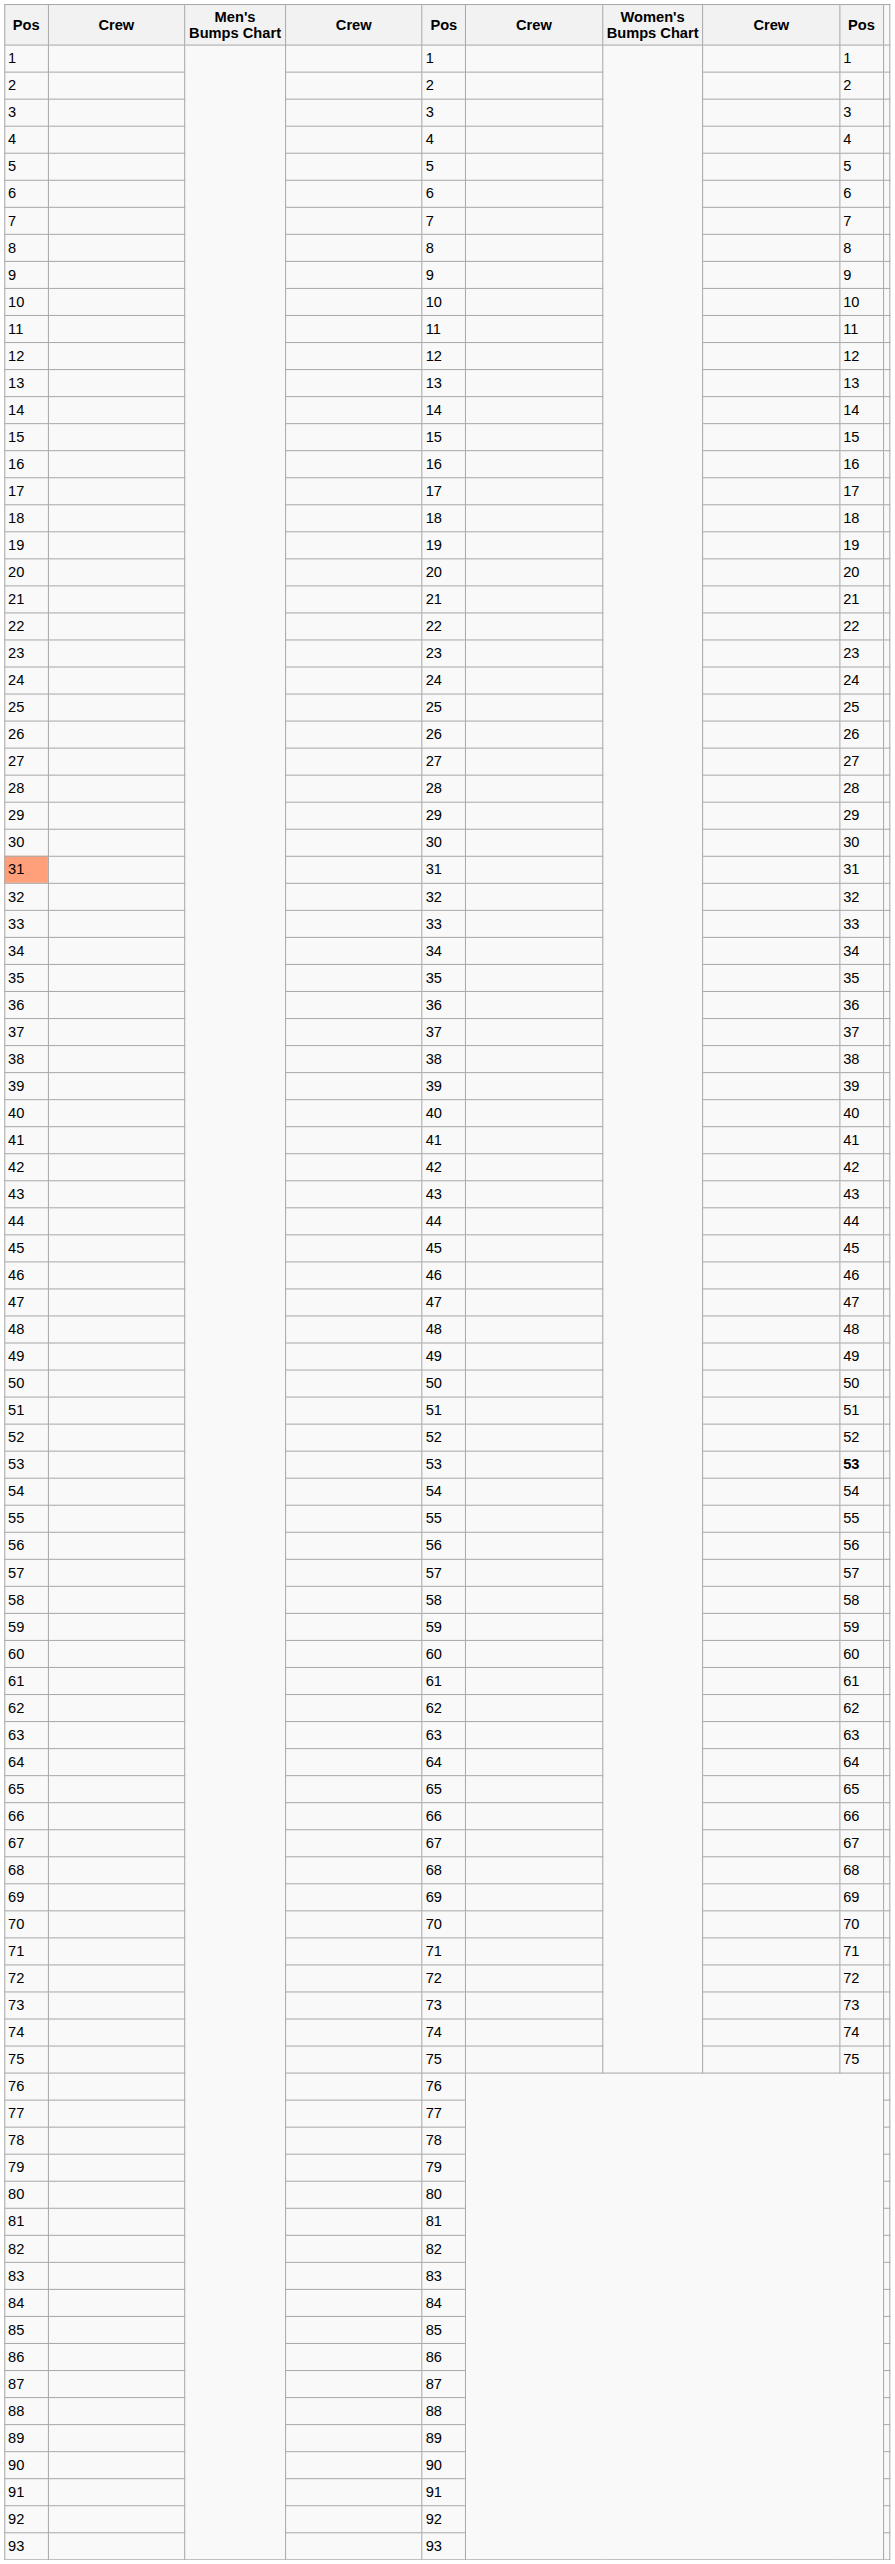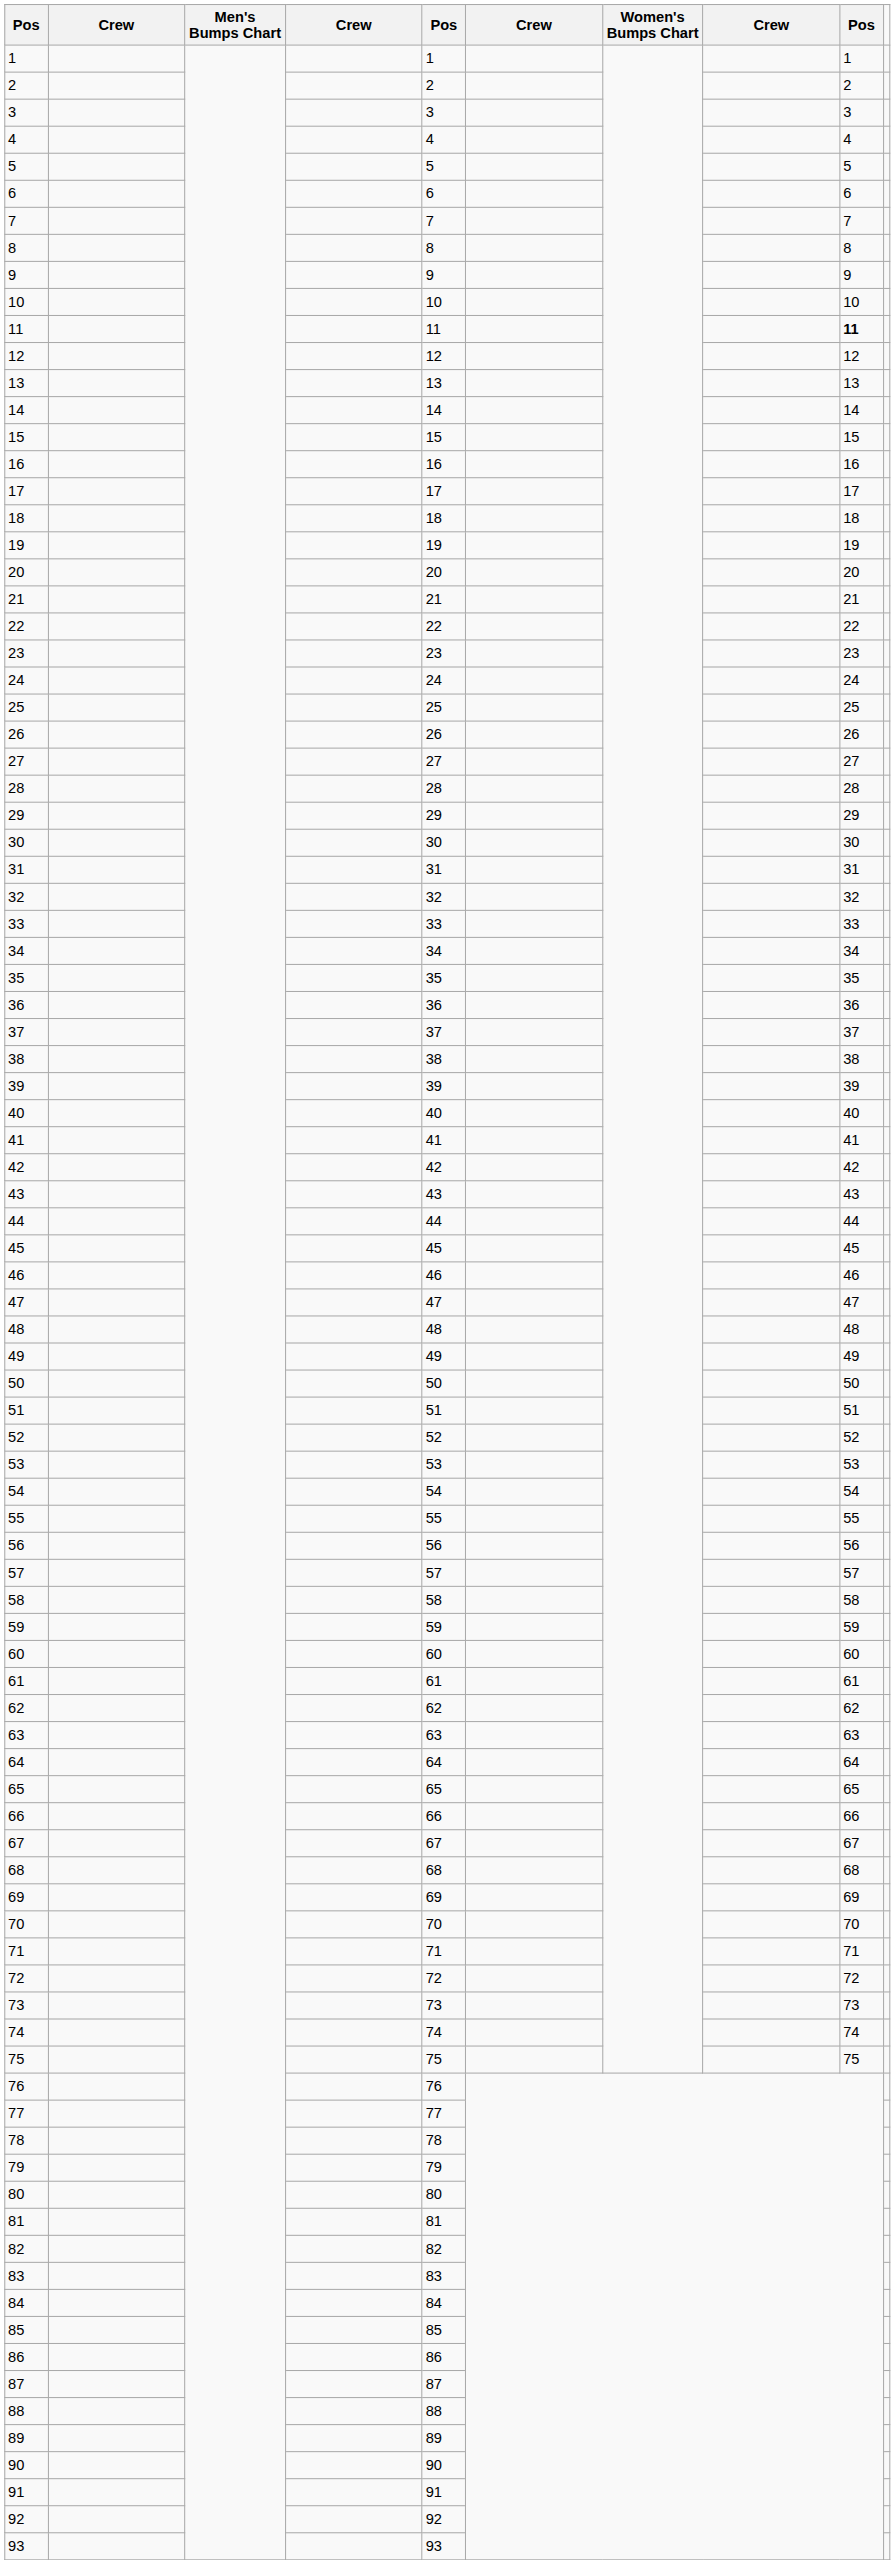 <table class="wikitable" style="font-size:88%; white-space:nowrap; margin:0.5em auto">
 <tr style="white-space:normal">
 <th width=35>Pos</th>
 <th width=125>Crew</th>
 <th width=90>Men's Bumps Chart</th>
 <th width=125>Crew</th>
 <th width=35>Pos</th>
 <th width=125>Crew</th>
 <th width=90>Women's Bumps Chart</th>
 <th width=125>Crew</th>
 <th width=35>Pos</th>
 </tr>
 <tr style="height:26px">
 <td>1</td>
 <td></td>
 <td rowspan="94"></td>
 <td></td>
 <td>1</td>
 <td></td>
 <td rowspan="75"></td>
 <td></td>
 <td>1</td>
 <td></td>
 </tr>
 <tr style="height:26px">
 <td>2</td>
 <td></td>
 <td></td>
 <td>2</td>
 <td></td>
 <td></td>
 <td>2</td>
 <td></td>
 </tr>
 <tr style="height:26px">
 <td>3</td>
 <td></td>
 <td></td>
 <td>3</td>
 <td></td>
 <td></td>
 <td>3</td>
 <td></td>
 </tr>
 <tr style="height:26px">
 <td>4</td>
 <td></td>
 <td></td>
 <td>4</td>
 <td></td>
 <td></td>
 <td>4</td>
 <td></td>
 </tr>
 <tr style="height:26px">
 <td>5</td>
 <td></td>
 <td></td>
 <td>5</td>
 <td></td>
 <td></td>
 <td>5</td>
 <td></td>
 </tr>
 <tr style="height:26px">
 <td>6</td>
 <td></td>
 <td></td>
 <td>6</td>
 <td></td>
 <td></td>
 <td>6</td>
 <td></td>
 </tr>
 <tr style="height:26px">
 <td>7</td>
 <td></td>
 <td></td>
 <td>7</td>
 <td></td>
 <td></td>
 <td>7</td>
 <td></td>
 </tr>
 <tr style="height:26px">
 <td>8</td>
 <td></td>
 <td></td>
 <td>8</td>
 <td></td>
 <td></td>
 <td>8</td>
 <td></td>
 </tr>
 <tr style="height:26px">
 <td>9</td>
 <td></td>
 <td></td>
 <td>9</td>
 <td></td>
 <td></td>
 <td>9</td>
 <td></td>
 </tr>
 <tr style="height:26px">
 <td>10</td>
 <td></td>
 <td></td>
 <td>10</td>
 <td></td>
 <td></td>
 <td>10</td>
 <td></td>
 </tr>
 <tr style="height:26px">
 <td>11</td>
 <td></td>
 <td></td>
 <td>11</td>
 <td></td>
 <td></td>
-<td>11</td>
+<td><strong>11</strong></td>
 <td></td>
 </tr>
 <tr style="height:26px">
 <td>12</td>
 <td></td>
 <td></td>
 <td>12</td>
 <td></td>
 <td></td>
 <td>12</td>
 <td></td>
 </tr>
 <tr style="height:26px">
 <td>13</td>
 <td></td>
 <td></td>
 <td>13</td>
 <td></td>
 <td></td>
 <td>13</td>
 <td></td>
 </tr>
 <tr style="height:26px">
 <td>14</td>
 <td></td>
 <td></td>
 <td>14</td>
 <td></td>
 <td></td>
 <td>14</td>
 <td></td>
 </tr>
 <tr style="height:26px">
 <td>15</td>
 <td></td>
 <td></td>
 <td>15</td>
 <td></td>
 <td></td>
 <td>15</td>
 <td></td>
 </tr>
 <tr style="height:26px">
 <td>16</td>
 <td></td>
 <td></td>
 <td>16</td>
 <td></td>
 <td></td>
 <td>16</td>
 <td></td>
 </tr>
 <tr style="height:26px">
 <td>17</td>
 <td></td>
 <td></td>
 <td>17</td>
 <td></td>
 <td></td>
 <td>17</td>
 <td></td>
 </tr>
 <tr style="height:26px">
 <td>18</td>
 <td></td>
 <td></td>
 <td>18</td>
 <td></td>
 <td></td>
 <td>18</td>
 <td></td>
 </tr>
 <tr style="height:26px">
 <td>19</td>
 <td></td>
 <td></td>
 <td>19</td>
 <td></td>
 <td></td>
 <td>19</td>
 <td></td>
 </tr>
 <tr style="height:26px">
 <td>20</td>
 <td></td>
 <td></td>
 <td>20</td>
 <td></td>
 <td></td>
 <td>20</td>
 <td></td>
 </tr>
 <tr style="height:26px">
 <td>21</td>
 <td></td>
 <td></td>
 <td>21</td>
 <td></td>
 <td></td>
 <td>21</td>
 <td></td>
 </tr>
 <tr style="height:26px">
 <td>22</td>
 <td></td>
 <td></td>
 <td>22</td>
 <td></td>
 <td></td>
 <td>22</td>
 <td></td>
 </tr>
 <tr style="height:26px">
 <td>23</td>
 <td></td>
 <td></td>
 <td>23</td>
 <td></td>
 <td></td>
 <td>23</td>
 <td></td>
 </tr>
 <tr style="height:26px">
 <td>24</td>
 <td></td>
 <td></td>
 <td>24</td>
 <td></td>
 <td></td>
 <td>24</td>
 <td></td>
 </tr>
 <tr style="height:26px">
 <td>25</td>
 <td></td>
 <td></td>
 <td>25</td>
 <td></td>
 <td></td>
 <td>25</td>
 <td></td>
 </tr>
 <tr style="height:26px">
 <td>26</td>
 <td></td>
 <td></td>
 <td>26</td>
 <td></td>
 <td></td>
 <td>26</td>
 <td></td>
 </tr>
 <tr style="height:26px">
 <td>27</td>
 <td></td>
 <td></td>
 <td>27</td>
 <td></td>
 <td></td>
 <td>27</td>
 <td></td>
 </tr>
 <tr style="height:26px">
 <td>28</td>
 <td></td>
 <td></td>
 <td>28</td>
 <td></td>
 <td></td>
 <td>28</td>
 <td></td>
 </tr>
 <tr style="height:26px">
 <td>29</td>
 <td></td>
 <td></td>
 <td>29</td>
 <td></td>
 <td></td>
 <td>29</td>
 <td></td>
 </tr>
 <tr style="height:26px">
 <td>30</td>
 <td></td>
 <td></td>
 <td>30</td>
 <td></td>
 <td></td>
 <td>30</td>
 <td></td>
 </tr>
 <tr style="height:26px">
-<td style="background: lightsalmon;">31</td>
+<td>31</td>
 <td></td>
 <td></td>
 <td>31</td>
 <td></td>
 <td></td>
 <td>31</td>
 <td></td>
 </tr>
 <tr style="height:26px">
 <td>32</td>
 <td></td>
 <td></td>
 <td>32</td>
 <td></td>
 <td></td>
 <td>32</td>
 <td></td>
 </tr>
 <tr style="height:26px">
 <td>33</td>
 <td></td>
 <td></td>
 <td>33</td>
 <td></td>
 <td></td>
 <td>33</td>
 <td></td>
 </tr>
 <tr style="height:26px">
 <td>34</td>
 <td></td>
 <td></td>
 <td>34</td>
 <td></td>
 <td></td>
 <td>34</td>
 <td></td>
 </tr>
 <tr style="height:26px">
 <td>35</td>
 <td></td>
 <td></td>
 <td>35</td>
 <td></td>
 <td></td>
 <td>35</td>
 <td></td>
 </tr>
 <tr style="height:26px">
 <td>36</td>
 <td></td>
 <td></td>
 <td>36</td>
 <td></td>
 <td></td>
 <td>36</td>
 <td></td>
 </tr>
 <tr style="height:26px">
 <td>37</td>
 <td></td>
 <td></td>
 <td>37</td>
 <td></td>
 <td></td>
 <td>37</td>
 <td></td>
 </tr>
 <tr style="height:26px">
 <td>38</td>
 <td></td>
 <td></td>
 <td>38</td>
 <td></td>
 <td></td>
 <td>38</td>
 <td></td>
 </tr>
 <tr style="height:26px">
 <td>39</td>
 <td></td>
 <td></td>
 <td>39</td>
 <td></td>
 <td></td>
 <td>39</td>
 <td></td>
 </tr>
 <tr style="height:26px">
 <td>40</td>
 <td></td>
 <td></td>
 <td>40</td>
 <td></td>
 <td></td>
 <td>40</td>
 <td></td>
 </tr>
 <tr style="height:26px">
 <td>41</td>
 <td></td>
 <td></td>
 <td>41</td>
 <td></td>
 <td></td>
 <td>41</td>
 <td></td>
 </tr>
 <tr style="height:26px">
 <td>42</td>
 <td></td>
 <td></td>
 <td>42</td>
 <td></td>
 <td></td>
 <td>42</td>
 <td></td>
 </tr>
 <tr style="height:26px">
 <td>43</td>
 <td></td>
 <td></td>
 <td>43</td>
 <td></td>
 <td></td>
 <td>43</td>
 <td></td>
 </tr>
 <tr style="height:26px">
 <td>44</td>
 <td></td>
 <td></td>
 <td>44</td>
 <td></td>
 <td></td>
 <td>44</td>
 <td></td>
 </tr>
 <tr style="height:26px">
 <td>45</td>
 <td></td>
 <td></td>
 <td>45</td>
 <td></td>
 <td></td>
 <td>45</td>
 <td></td>
 </tr>
 <tr style="height:26px">
 <td>46</td>
 <td></td>
 <td></td>
 <td>46</td>
 <td></td>
 <td></td>
 <td>46</td>
 <td></td>
 </tr>
 <tr style="height:26px">
 <td>47</td>
 <td></td>
 <td></td>
 <td>47</td>
 <td></td>
 <td></td>
 <td>47</td>
 <td></td>
 </tr>
 <tr style="height:26px">
 <td>48</td>
 <td></td>
 <td></td>
 <td>48</td>
 <td></td>
 <td></td>
 <td>48</td>
 <td></td>
 </tr>
 <tr style="height:26px">
 <td>49</td>
 <td></td>
 <td></td>
 <td>49</td>
 <td></td>
 <td></td>
 <td>49</td>
 <td></td>
 </tr>
 <tr style="height:26px">
 <td>50</td>
 <td></td>
 <td></td>
 <td>50</td>
 <td></td>
 <td></td>
 <td>50</td>
 <td></td>
 </tr>
 <tr style="height:26px">
 <td>51</td>
 <td></td>
 <td></td>
 <td>51</td>
 <td></td>
 <td></td>
 <td>51</td>
 <td></td>
 </tr>
 <tr style="height:26px">
 <td>52</td>
 <td></td>
 <td></td>
 <td>52</td>
 <td></td>
 <td></td>
 <td>52</td>
 <td></td>
 </tr>
 <tr style="height:26px">
 <td>53</td>
 <td></td>
 <td></td>
 <td>53</td>
 <td></td>
 <td></td>
-<td><strong>53</strong></td>
+<td>53</td>
 <td></td>
 </tr>
 <tr style="height:26px">
 <td>54</td>
 <td></td>
 <td></td>
 <td>54</td>
 <td></td>
 <td></td>
 <td>54</td>
 <td></td>
 </tr>
 <tr style="height:26px">
 <td>55</td>
 <td></td>
 <td></td>
 <td>55</td>
 <td></td>
 <td></td>
 <td>55</td>
 <td></td>
 </tr>
 <tr style="height:26px">
 <td>56</td>
 <td></td>
 <td></td>
 <td>56</td>
 <td></td>
 <td></td>
 <td>56</td>
 <td></td>
 </tr>
 <tr style="height:26px">
 <td>57</td>
 <td></td>
 <td></td>
 <td>57</td>
 <td></td>
 <td></td>
 <td>57</td>
 <td></td>
 </tr>
 <tr style="height:26px">
 <td>58</td>
 <td></td>
 <td></td>
 <td>58</td>
 <td></td>
 <td></td>
 <td>58</td>
 <td></td>
 </tr>
 <tr style="height:26px">
 <td>59</td>
 <td></td>
 <td></td>
 <td>59</td>
 <td></td>
 <td></td>
 <td>59</td>
 <td></td>
 </tr>
 <tr style="height:26px">
 <td>60</td>
 <td></td>
 <td></td>
 <td>60</td>
 <td></td>
 <td></td>
 <td>60</td>
 <td></td>
 </tr>
 <tr style="height:26px">
 <td>61</td>
 <td></td>
 <td></td>
 <td>61</td>
 <td></td>
 <td></td>
 <td>61</td>
 <td></td>
 </tr>
 <tr style="height:26px">
 <td>62</td>
 <td></td>
 <td></td>
 <td>62</td>
 <td></td>
 <td></td>
 <td>62</td>
 <td></td>
 </tr>
 <tr style="height:26px">
 <td>63</td>
 <td></td>
 <td></td>
 <td>63</td>
 <td></td>
 <td></td>
 <td>63</td>
 <td></td>
 </tr>
 <tr style="height:26px">
 <td>64</td>
 <td></td>
 <td></td>
 <td>64</td>
 <td></td>
 <td></td>
 <td>64</td>
 <td></td>
 </tr>
 <tr style="height:26px">
 <td>65</td>
 <td></td>
 <td></td>
 <td>65</td>
 <td></td>
 <td></td>
 <td>65</td>
 <td></td>
 </tr>
 <tr style="height:26px">
 <td>66</td>
 <td></td>
 <td></td>
 <td>66</td>
 <td></td>
 <td></td>
 <td>66</td>
 <td></td>
 </tr>
 <tr style="height:26px">
 <td>67</td>
 <td></td>
 <td></td>
 <td>67</td>
 <td></td>
 <td></td>
 <td>67</td>
 <td></td>
 </tr>
 <tr style="height:26px">
 <td>68</td>
 <td></td>
 <td></td>
 <td>68</td>
 <td></td>
 <td></td>
 <td>68</td>
 <td></td>
 </tr>
 <tr style="height:26px">
 <td>69</td>
 <td></td>
 <td></td>
 <td>69</td>
 <td></td>
 <td></td>
 <td>69</td>
 <td></td>
 </tr>
 <tr style="height:26px">
 <td>70</td>
 <td></td>
 <td></td>
 <td>70</td>
 <td></td>
 <td></td>
 <td>70</td>
 <td></td>
 </tr>
 <tr style="height:26px">
 <td>71</td>
 <td></td>
 <td></td>
 <td>71</td>
 <td></td>
 <td></td>
 <td>71</td>
 <td></td>
 </tr>
 <tr style="height:26px">
 <td>72</td>
 <td></td>
 <td></td>
 <td>72</td>
 <td></td>
 <td></td>
 <td>72</td>
 <td></td>
 </tr>
 <tr style="height:26px">
 <td>73</td>
 <td></td>
 <td></td>
 <td>73</td>
 <td></td>
 <td></td>
 <td>73</td>
 <td></td>
 </tr>
 <tr style="height:26px">
 <td>74</td>
 <td></td>
 <td></td>
 <td>74</td>
 <td></td>
 <td></td>
 <td>74</td>
 <td></td>
 </tr>
 <tr style="height:26px">
 <td>75</td>
 <td></td>
 <td></td>
 <td>75</td>
 <td></td>
 <td></td>
 <td>75</td>
 <td></td>
 </tr>
 <tr style="height:26px">
 <td>76</td>
 <td></td>
 <td></td>
 <td>76</td>
 <td colspan="4" rowspan="19"> </td>
 <td></td>
 </tr>
 <tr style="height:26px">
 <td>77</td>
 <td></td>
 <td></td>
 <td>77</td>
 <td></td>
 </tr>
 <tr style="height:26px">
 <td>78</td>
 <td></td>
 <td></td>
 <td>78</td>
 <td></td>
 </tr>
 <tr style="height:26px">
 <td>79</td>
 <td></td>
 <td></td>
 <td>79</td>
 <td></td>
 </tr>
 <tr style="height:26px">
 <td>80</td>
 <td></td>
 <td></td>
 <td>80</td>
 <td></td>
 </tr>
 <tr style="height:26px">
 <td>81</td>
 <td></td>
 <td></td>
 <td>81</td>
 <td></td>
 </tr>
 <tr style="height:26px">
 <td>82</td>
 <td></td>
 <td></td>
 <td>82</td>
 <td></td>
 </tr>
 <tr style="height:26px">
 <td>83</td>
 <td></td>
 <td></td>
 <td>83</td>
 <td></td>
 </tr>
 <tr style="height:26px">
 <td>84</td>
 <td></td>
 <td></td>
 <td>84</td>
 <td></td>
 </tr>
 <tr style="height:26px">
 <td>85</td>
 <td></td>
 <td></td>
 <td>85</td>
 <td></td>
 </tr>
 <tr style="height:26px">
 <td>86</td>
 <td></td>
 <td></td>
 <td>86</td>
 <td></td>
 </tr>
 <tr style="height:26px">
 <td>87</td>
 <td></td>
 <td></td>
 <td>87</td>
 <td></td>
 </tr>
 <tr style="height:26px">
 <td>88</td>
 <td></td>
 <td></td>
 <td>88</td>
 <td></td>
 </tr>
 <tr style="height:26px">
 <td>89</td>
 <td></td>
 <td></td>
 <td>89</td>
 <td></td>
 </tr>
 <tr style="height:26px">
 <td>90</td>
 <td></td>
 <td></td>
 <td>90</td>
 <td></td>
 </tr>
 <tr style="height:26px">
 <td>91</td>
 <td></td>
 <td></td>
 <td>91</td>
 <td></td>
 </tr>
 <tr style="height:26px">
 <td>92</td>
 <td></td>
 <td></td>
 <td>92</td>
 <td></td>
 </tr>
 <tr style="height:26px">
 <td>93</td>
 <td></td>
 <td></td>
 <td>93</td>
 <td></td>
 </tr>
 </table>
